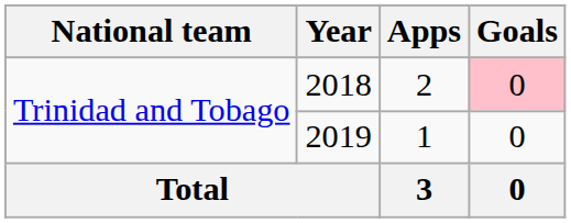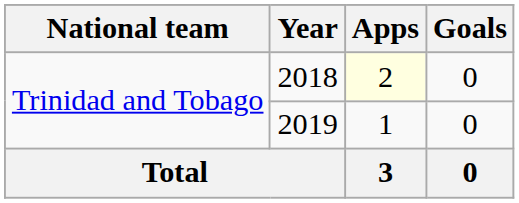 <table class="wikitable" style="text-align:center">
 <tr>
 <th>National team</th>
 <th>Year</th>
 <th>Apps</th>
 <th>Goals</th>
 </tr>
 <tr>
 <td rowspan="2"><a href='#'>Trinidad and Tobago</a></td>
 <td>2018</td>
-<td>2</td>
-<td style="background: pink;">0</td>
+<td style="background: lightyellow;">2</td>
+<td>0</td>
 </tr>
 <tr>
 <td>2019</td>
 <td>1</td>
 <td>0</td>
 </tr>
 <tr>
 <th colspan="2">Total</th>
 <th>3</th>
 <th>0</th>
 </tr>
 </table>
